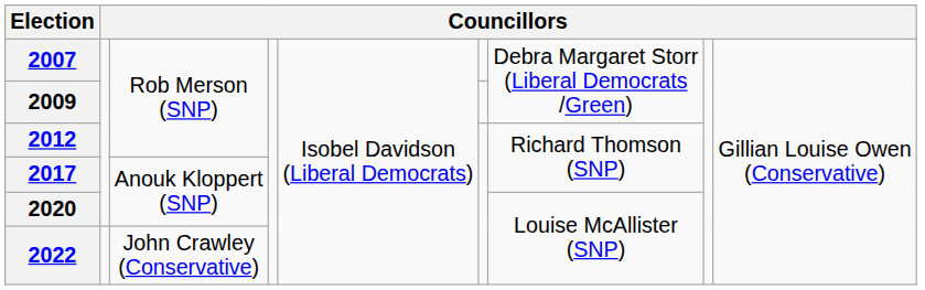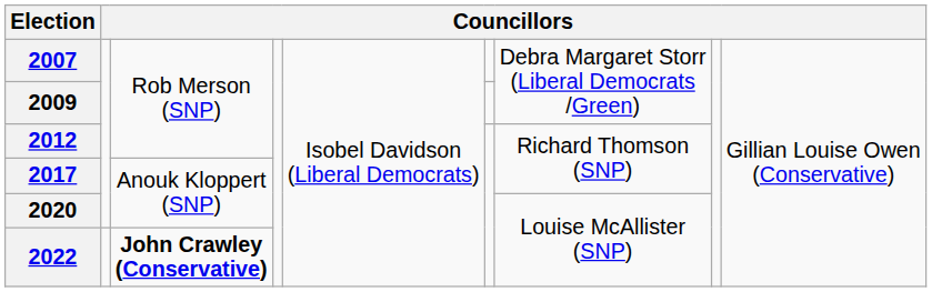 <table class="wikitable" style="text-align:center">
 <tr>
 <th>Election</th>
 <th colspan=8>Councillors</th>
 </tr>
 <tr>
 <th><a href='#'>2007</a></th>
 <td rowspan=5; style="background-color: "></td>
 <td rowspan=3>Rob Merson<br>(<a href='#'>SNP</a>)</td>
 <td rowspan=6; style="background-color: "></td>
 <td rowspan=6>Isobel Davidson<br>(<a href='#'>Liberal Democrats</a>)</td>
 <td rowspan=1; style="background-color: "></td>
 <td rowspan=2>Debra Margaret Storr<br>(<a href='#'>Liberal Democrats</a><br>/<a href='#'>Green</a>)</td>
 <td rowspan=6; style="background-color: "></td>
 <td rowspan=6>Gillian Louise Owen<br>(<a href='#'>Conservative</a>)</td>
 </tr>
 <tr>
 <th>2009</th>
 <td rowspan=1; style="background-color: "></td>
 </tr>
 <tr>
 <th><a href='#'>2012</a></th>
 <td rowspan=4; style="background-color: "></td>
 <td rowspan=2>Richard Thomson<br>(<a href='#'>SNP</a>)</td>
 </tr>
 <tr>
 <th><a href='#'>2017</a></th>
 <td rowspan=2>Anouk Kloppert<br>(<a href='#'>SNP</a>)</td>
 </tr>
 <tr>
 <th>2020</th>
 <td rowspan=2>Louise McAllister<br>(<a href='#'>SNP</a>)</td>
 </tr>
 <tr>
 <th><a href='#'>2022</a></th>
 <td rowspan=1; style="background-color: "></td>
-<td rowspan=1>John Crawley<br>(<a href='#'>Conservative</a>)</td>
+<td rowspan=1><strong>John Crawley<br>(<a href='#'>Conservative</a>)</strong></td>
 </tr>
 </table>
